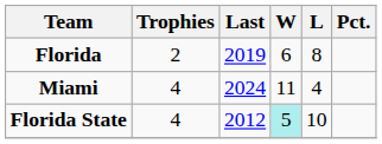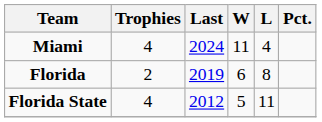 <table class="wikitable sortable" style="font-size: 100%;text-align: center;">
 <tr>
 <th>Team</th>
 <th>Trophies</th>
 <th>Last</th>
 <th>W</th>
 <th>L</th>
 <th>Pct.</th>
 </tr>
 <tr>
+<td><strong>Miami</strong></td>
+<td>4</td>
+<td><a href='#'>2024</a></td>
+<td>11</td>
+<td>4</td>
+<td></td>
+</tr>
+<tr>
 <td>  <strong>Florida</strong>  </td>
 <td>2</td>
 <td><a href='#'>2019</a></td>
 <td>6</td>
 <td>8</td>
 <td></td>
 </tr>
 <tr>
-<td><strong>Miami</strong></td>
-<td>4</td>
-<td><a href='#'>2024</a></td>
-<td>11</td>
-<td>4</td>
-<td></td>
-</tr>
-<tr>
 <td><strong>Florida State</strong></td>
 <td>4</td>
 <td><a href='#'>2012</a></td>
-<td style="background: paleturquoise;">5</td>
-<td>10</td>
+<td>5</td>
+<td>11</td>
 <td></td>
 </tr>
 <tr>
 </tr>
 </table>
